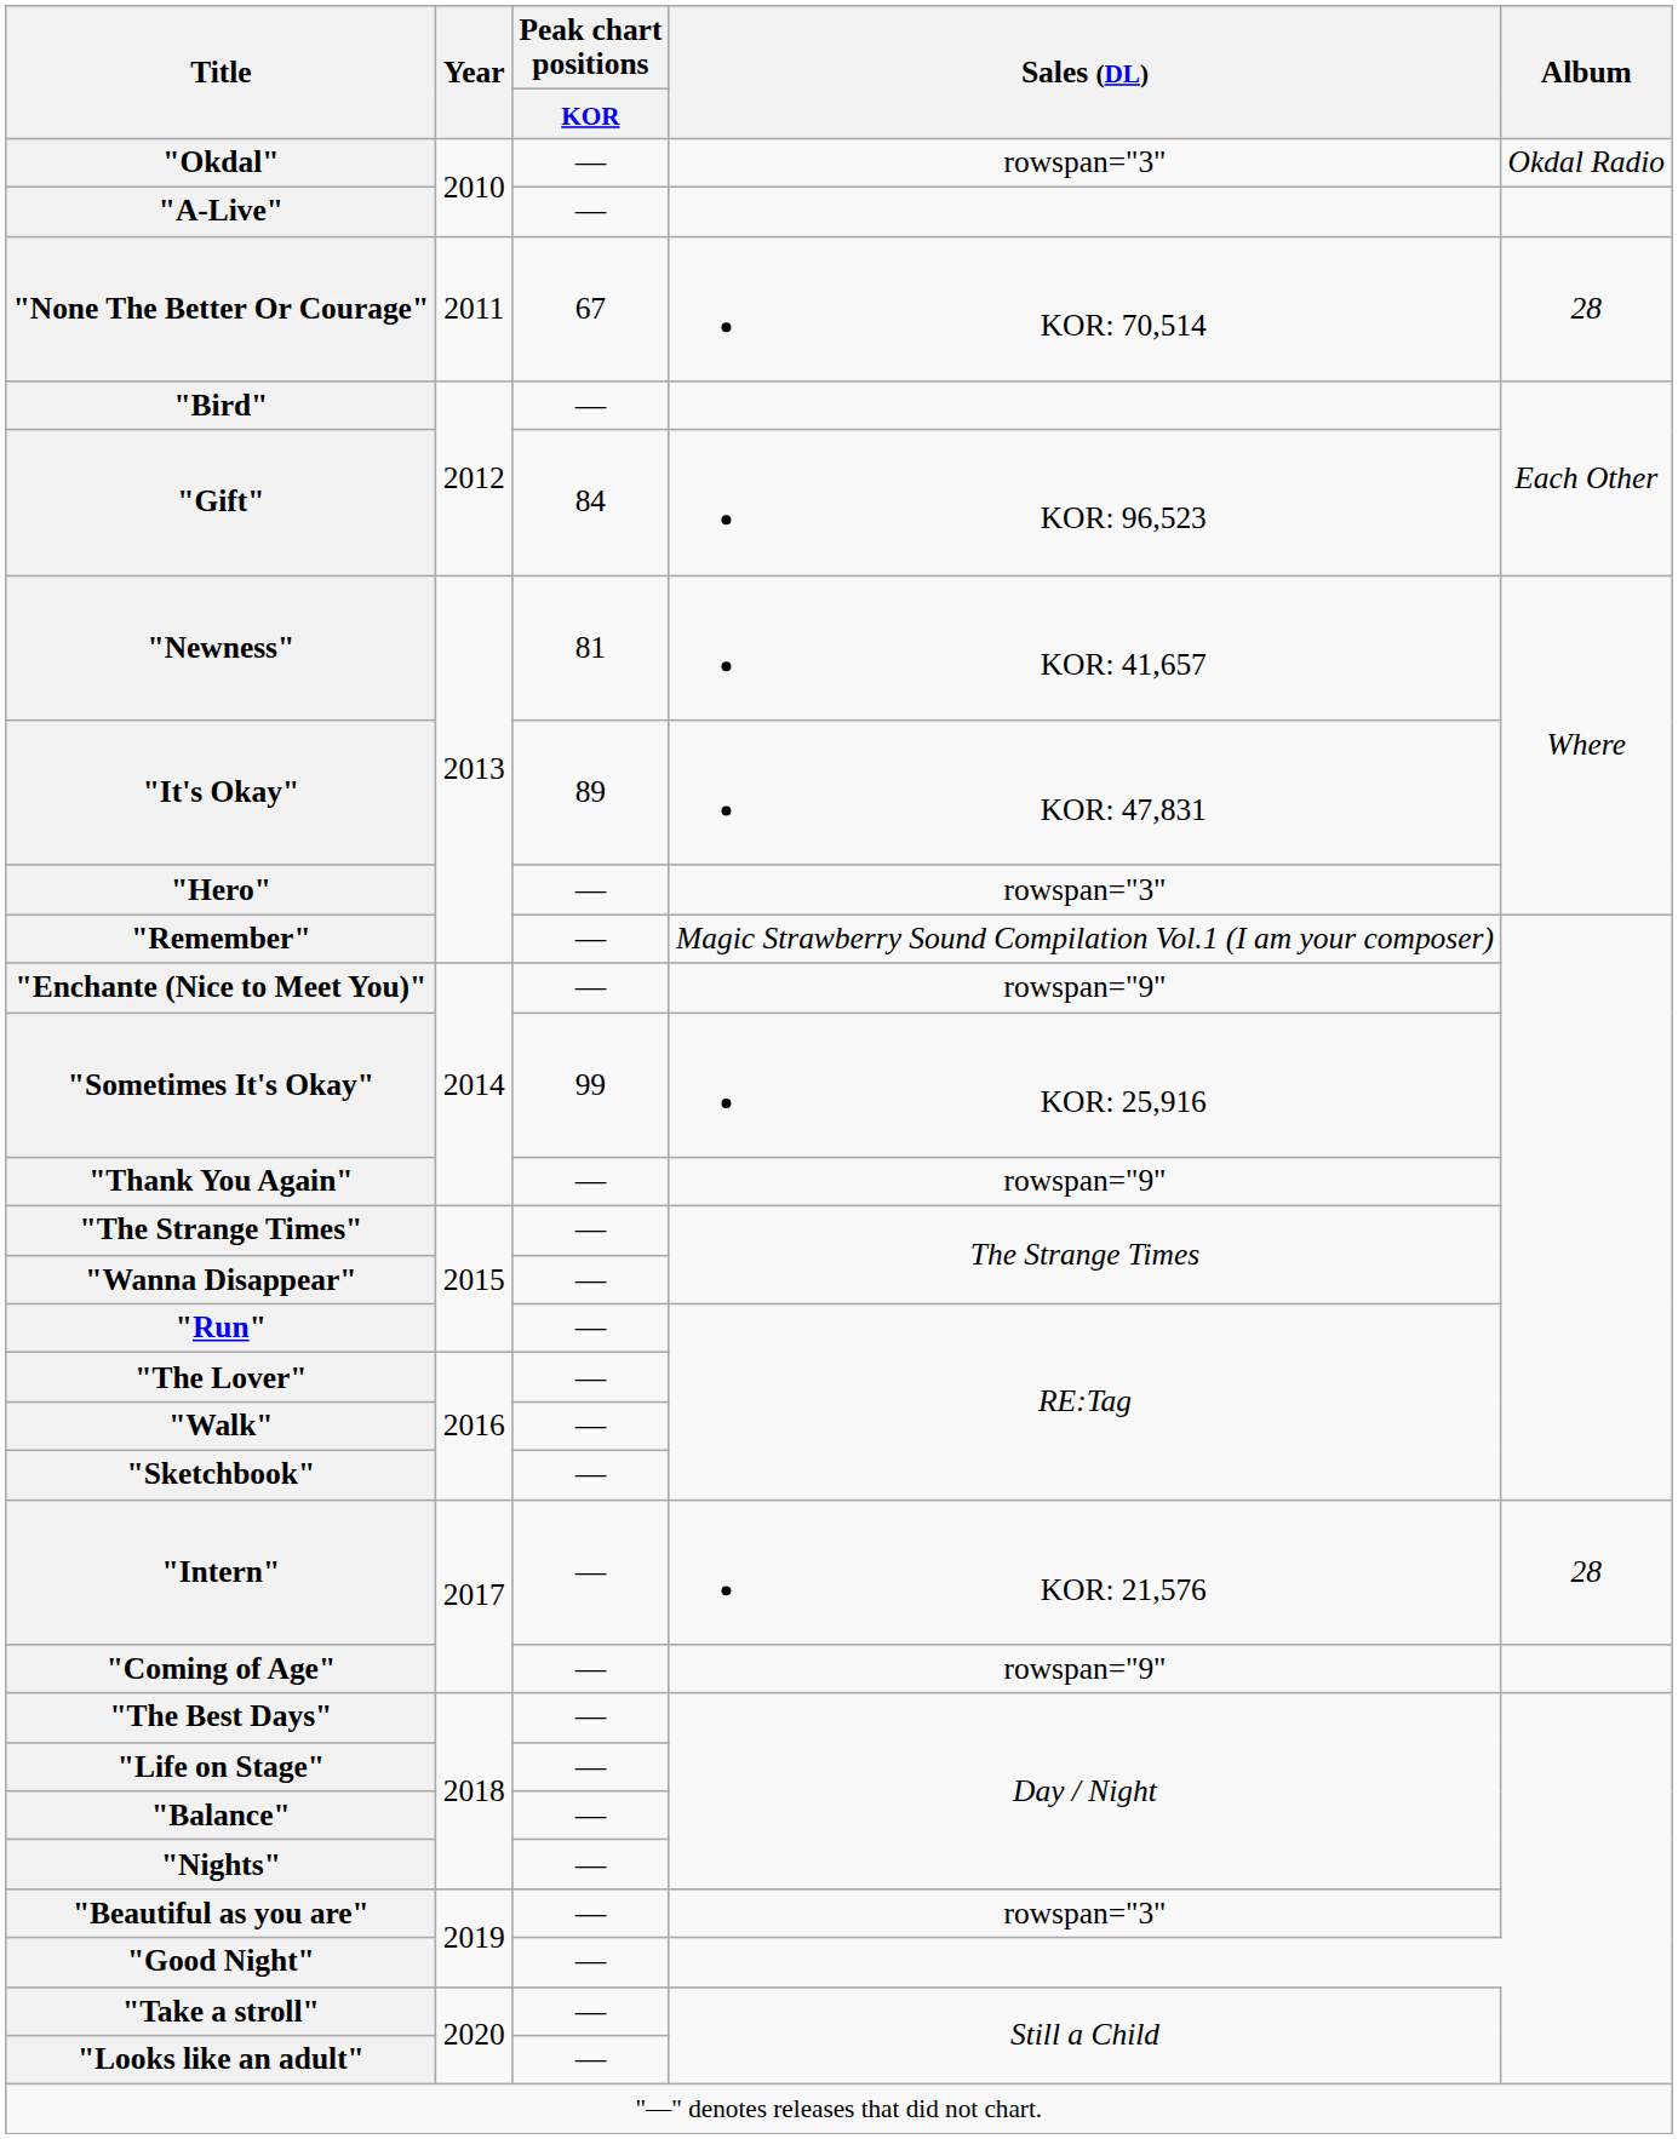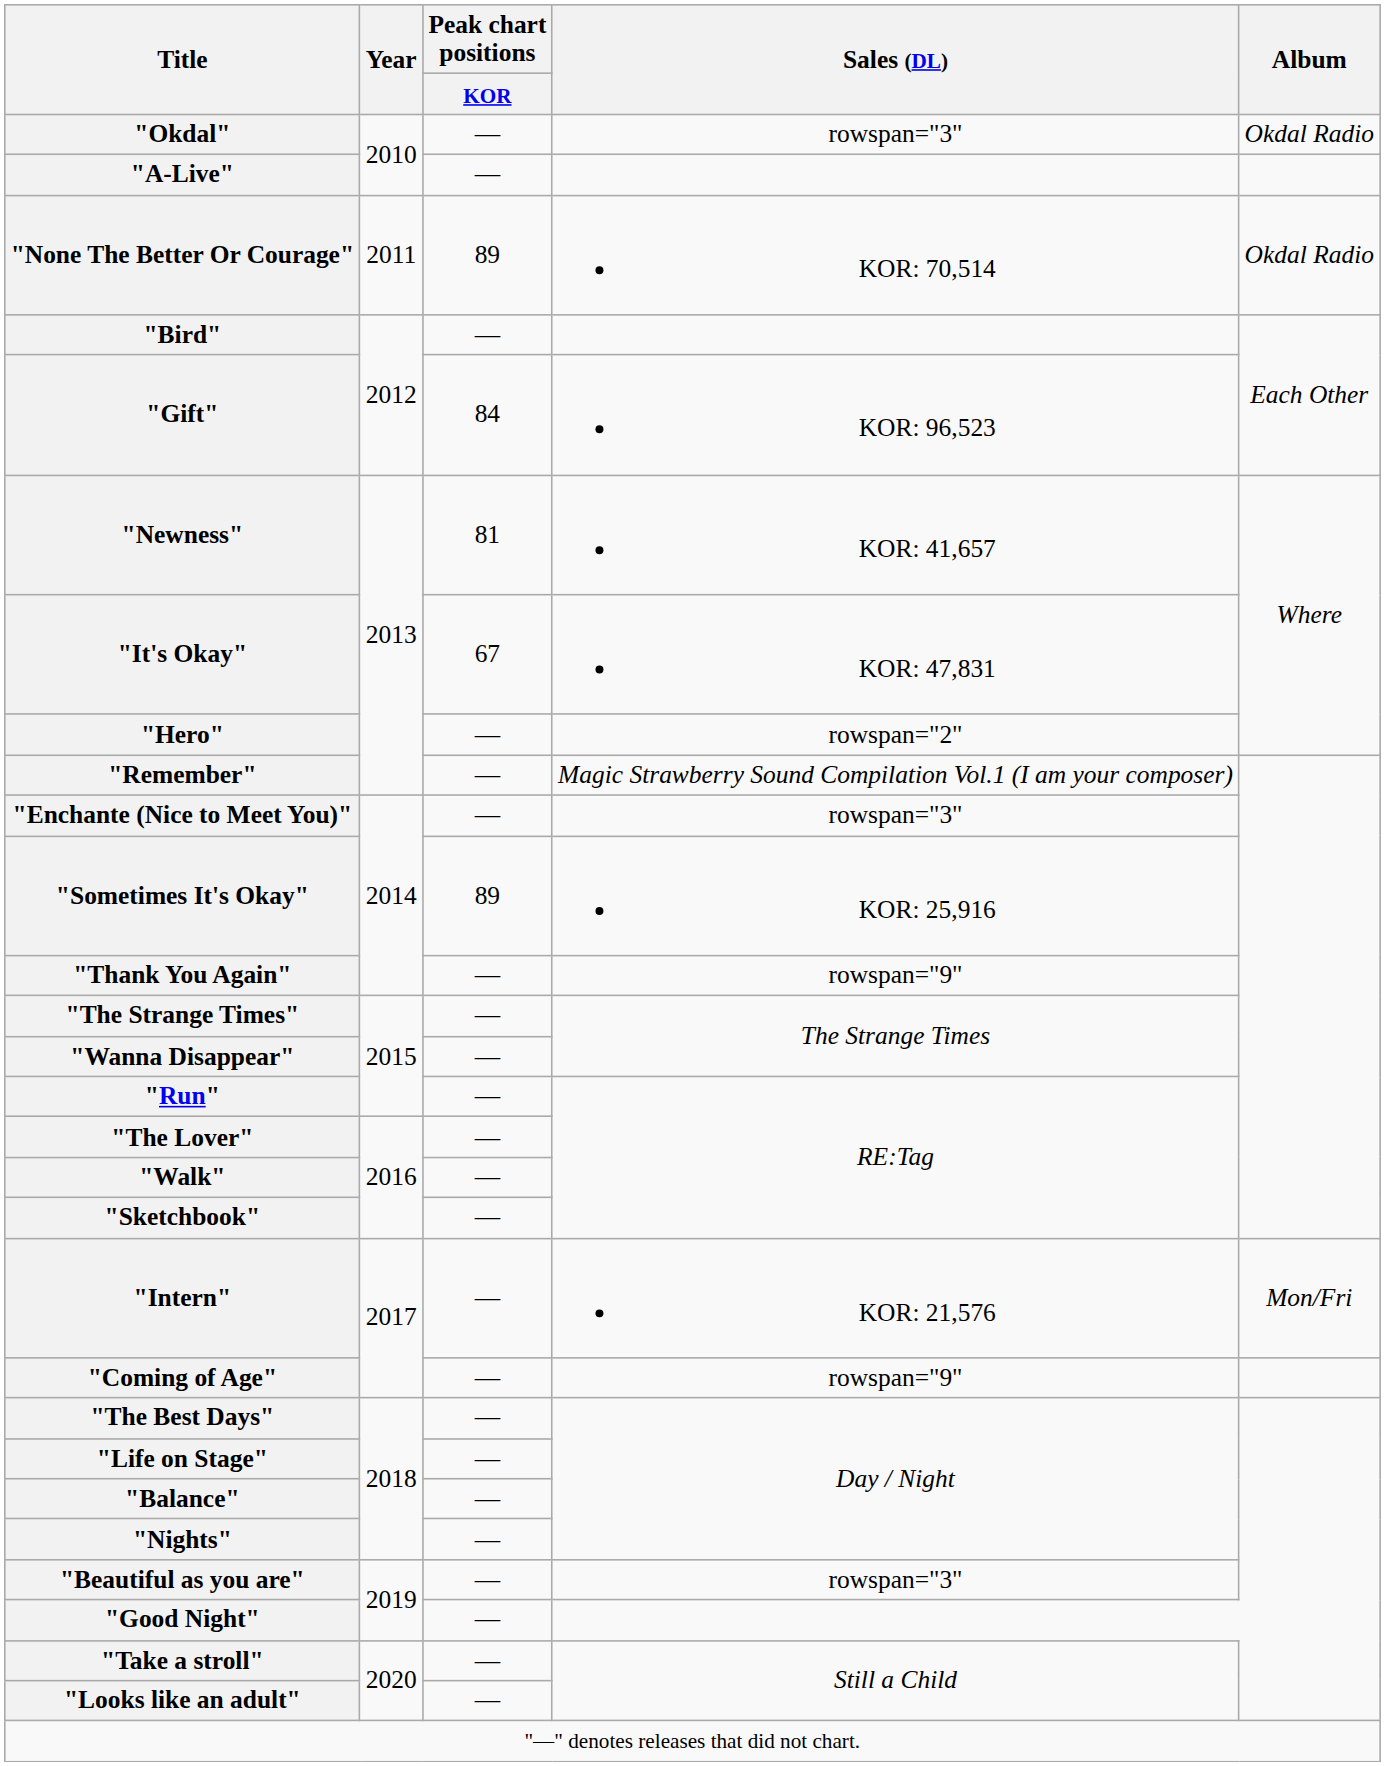 <table class="wikitable plainrowheaders" style="text-align:center;">
 <tr>
 <th scope="col" rowspan="2">Title</th>
 <th scope="col" rowspan="2">Year</th>
 <th scope="col" colspan="1">Peak chart <br> positions</th>
 <th scope="col" rowspan="2">Sales <small>(<a href='#'>DL</a>)</small></th>
 <th scope="col" rowspan="2">Album</th>
 </tr>
 <tr>
 <th><small><a href='#'>KOR</a></small><br></th>
 </tr>
 <tr>
 <th scope="row">"Okdal" </th>
 <td rowspan="2">2010</td>
 <td>—</td>
 <td>rowspan="3" </td>
 <td><em>Okdal Radio</em></td>
 </tr>
 <tr>
 <th scope="row">"A-Live" </th>
 <td>—</td>
 <td></td>
 </tr>
 <tr>
 <th scope="row">"None The Better Or Courage" </th>
 <td>2011</td>
-<td>67</td>
+<td>89</td>
 <td><br><ul><li>KOR: 70,514</li></ul></td>
-<td><em>28</em></td>
+<td><em>Okdal Radio</em></td>
 </tr>
 <tr>
 <th scope="row">"Bird"<br></th>
 <td rowspan="2">2012</td>
 <td>—</td>
 <td></td>
 <td rowspan="2"><em>Each Other</em></td>
 </tr>
 <tr>
 <th scope="row">"Gift" </th>
 <td>84</td>
 <td><br><ul><li>KOR: 96,523</li></ul></td>
 </tr>
 <tr>
 <th scope="row">"Newness" </th>
 <td rowspan="4">2013</td>
 <td>81</td>
 <td><br><ul><li>KOR: 41,657</li></ul></td>
 <td rowspan="3"><em>Where</em></td>
 </tr>
 <tr>
 <th scope="row">"It's Okay" </th>
-<td>89</td>
+<td>67</td>
 <td><br><ul><li>KOR: 47,831</li></ul></td>
 </tr>
 <tr>
 <th scope="row">"Hero" </th>
 <td>—</td>
-<td>rowspan="3" </td>
+<td>rowspan="2" </td>
 </tr>
 <tr>
 <th scope="row">"Remember" <br></th>
 <td>—</td>
 <td><em>Magic Strawberry Sound Compilation Vol.1 (I am your composer)</em></td>
 </tr>
 <tr>
 <th scope="row">"Enchante (Nice to Meet You)" </th>
 <td rowspan="3">2014</td>
 <td>—</td>
-<td>rowspan="9"  </td>
+<td>rowspan="3" </td>
 </tr>
 <tr>
 <th scope="row">"Sometimes It's Okay" </th>
-<td>99</td>
+<td>89</td>
 <td><br><ul><li>KOR: 25,916</li></ul></td>
 </tr>
 <tr>
 <th scope="row">"Thank You Again" </th>
 <td>—</td>
 <td>rowspan="9"  </td>
 </tr>
 <tr>
 <th scope="row">"The Strange Times" </th>
 <td rowspan="3">2015</td>
 <td>—</td>
 <td rowspan="2"><em>The Strange Times</em></td>
 </tr>
 <tr>
 <th scope="row">"Wanna Disappear" </th>
 <td>—</td>
 </tr>
 <tr>
 <th scope="row">"<a href='#'>Run</a>" </th>
 <td>—</td>
 <td rowspan="4"><em>RE:Tag</em></td>
 </tr>
 <tr>
 <th scope="row">"The Lover" </th>
 <td rowspan="3">2016</td>
 <td>—</td>
 </tr>
 <tr>
 <th scope="row">"Walk" </th>
 <td>—</td>
 </tr>
 <tr>
 <th scope="row">"Sketchbook" </th>
 <td>—</td>
 </tr>
 <tr>
 <th scope="row">"Intern" </th>
 <td rowspan="2">2017</td>
 <td>—</td>
 <td><br><ul><li>KOR: 21,576</li></ul></td>
-<td><em>28</em></td>
+<td><em>Mon/Fri</em></td>
 </tr>
 <tr>
 <th scope="row">"Coming of Age" </th>
 <td>—</td>
 <td>rowspan="9"  </td>
 <td></td>
 </tr>
 <tr>
 <th scope="row">"The Best Days" </th>
 <td rowspan="4">2018</td>
 <td>—</td>
 <td rowspan="4"><em>Day / Night </em></td>
 </tr>
 <tr>
 <th scope="row">"Life on Stage" </th>
 <td>—</td>
 </tr>
 <tr>
 <th scope="row">"Balance" </th>
 <td>—</td>
 </tr>
 <tr>
 <th scope="row">"Nights" </th>
 <td>—</td>
 </tr>
 <tr>
 <th scope="row">"Beautiful as you are" </th>
 <td rowspan="2">2019</td>
 <td>—</td>
 <td>rowspan="3" </td>
 </tr>
 <tr>
 <th scope="row">"Good Night"</th>
 <td>—</td>
 </tr>
 <tr>
 <th scope="row">"Take a stroll" </th>
 <td rowspan="2">2020</td>
 <td>—</td>
 <td rowspan="2"><em>Still a Child</em></td>
 </tr>
 <tr>
 <th scope="row">"Looks like an adult" </th>
 <td>—</td>
 </tr>
 <tr>
 <td colspan="5" align="center"><small>"—" denotes releases that did not chart.</small></td>
 </tr>
 </table>
